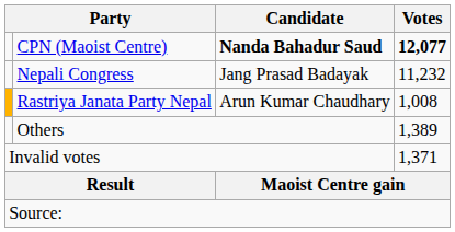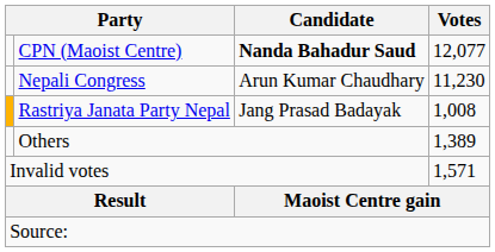 <table class="wikitable">
 <tr>
 <th colspan="2">Party</th>
 <th>Candidate</th>
 <th>Votes</th>
 </tr>
 <tr>
 <td style="background-color:"></td>
 <td><a href='#'>CPN (Maoist Centre)</a></td>
 <td><strong>Nanda Bahadur Saud</strong></td>
-<td><strong>12,077</strong></td>
+<td>12,077</td>
 </tr>
 <tr>
 <td style="background-color:"></td>
 <td><a href='#'>Nepali Congress</a></td>
-<td>Jang Prasad Badayak</td>
-<td>11,232</td>
+<td>Arun Kumar Chaudhary</td>
+<td>11,230</td>
 </tr>
 <tr>
 <td style="background-color:#ffb300"></td>
 <td><a href='#'>Rastriya Janata Party Nepal</a></td>
-<td>Arun Kumar Chaudhary</td>
+<td>Jang Prasad Badayak</td>
 <td>1,008</td>
 </tr>
 <tr>
 <td></td>
 <td colspan="2">Others</td>
 <td>1,389</td>
 </tr>
 <tr>
 <td colspan="3">Invalid votes</td>
-<td>1,371</td>
+<td>1,571</td>
 </tr>
 <tr>
 <th colspan="2">Result</th>
 <th colspan="2">Maoist Centre gain</th>
 </tr>
 <tr>
 <td colspan="4">Source: </td>
 </tr>
 </table>
